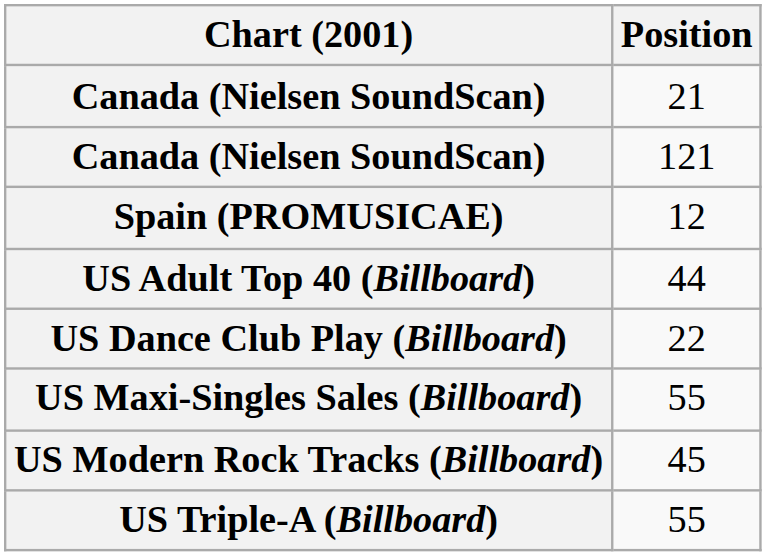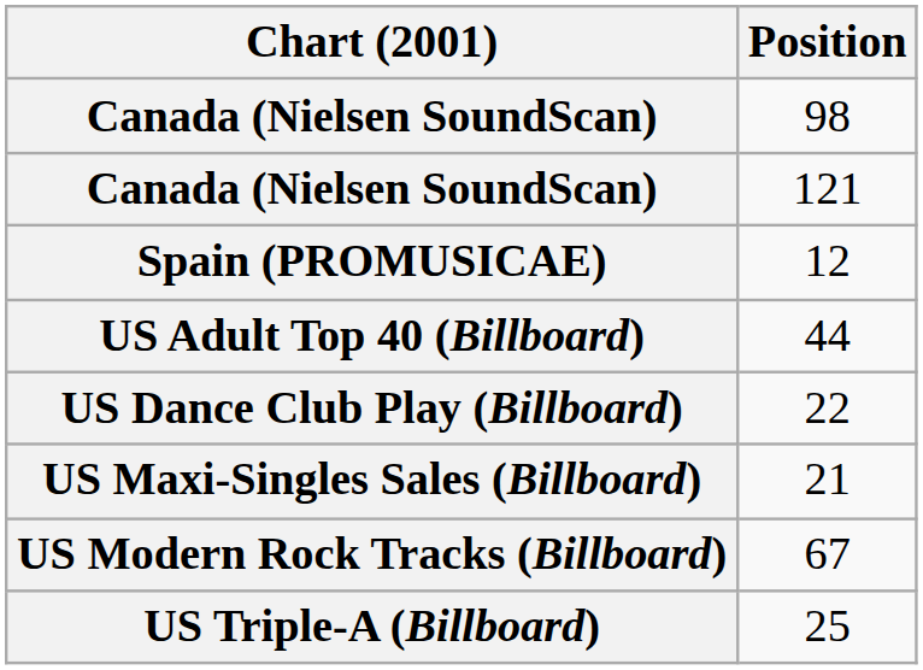 <table class="wikitable sortable plainrowheaders" style="text-align:center">
 <tr>
 <th scope="col">Chart (2001)</th>
 <th scope="col">Position</th>
 </tr>
 <tr>
 <th scope="row">Canada (Nielsen SoundScan)</th>
-<td>21</td>
+<td>98</td>
 </tr>
 <tr>
 <th scope="row">Canada (Nielsen SoundScan)<br></th>
 <td>121</td>
 </tr>
 <tr>
 <th scope="row">Spain (PROMUSICAE)</th>
 <td>12</td>
 </tr>
 <tr>
 <th scope="row">US Adult Top 40 (<em>Billboard</em>)</th>
 <td>44</td>
 </tr>
 <tr>
 <th scope="row">US Dance Club Play (<em>Billboard</em>)</th>
 <td>22</td>
 </tr>
 <tr>
 <th scope="row">US Maxi-Singles Sales (<em>Billboard</em>)</th>
-<td>55</td>
+<td>21</td>
 </tr>
 <tr>
 <th scope="row">US Modern Rock Tracks (<em>Billboard</em>)</th>
-<td>45</td>
+<td>67</td>
 </tr>
 <tr>
 <th scope="row">US Triple-A (<em>Billboard</em>)</th>
-<td>55</td>
+<td>25</td>
 </tr>
 </table>
